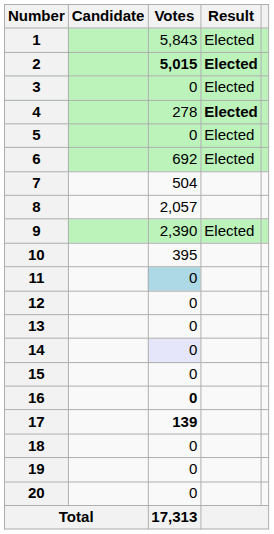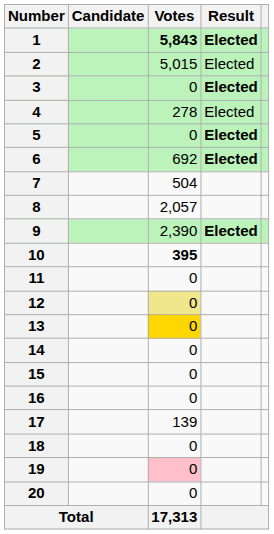 <table class="wikitable sortable">
 <tr>
 <th scope="col">Number</th>
 <th scope="col">Candidate</th>
 <th scope="col">Votes</th>
 <th scope="col">Result</th>
 <th scope="col" class="unsortable"></th>
 </tr>
 <tr bgcolor=bbf3bb>
 <th scope="row">1</th>
 <td></td>
-<td align="right">5,843</td>
-<td>Elected</td>
+<td align="right"><strong>5,843</strong></td>
+<td><strong>Elected</strong></td>
 <td></td>
 </tr>
 <tr bgcolor=bbf3bb>
 <th scope="row">2</th>
 <td></td>
-<td align="right"><strong>5,015</strong></td>
-<td><strong>Elected</strong></td>
+<td align="right">5,015</td>
+<td>Elected</td>
 <td></td>
 </tr>
 <tr bgcolor=bbf3bb>
 <th scope="row">3</th>
 <td></td>
 <td align="right">0</td>
-<td>Elected</td>
+<td><strong>Elected</strong></td>
 <td></td>
 </tr>
 <tr bgcolor=bbf3bb>
 <th scope="row">4</th>
 <td></td>
 <td align="right">278</td>
-<td><strong>Elected</strong></td>
+<td>Elected</td>
 <td></td>
 </tr>
 <tr bgcolor=bbf3bb>
 <th scope="row">5</th>
 <td></td>
 <td align="right">0</td>
-<td>Elected</td>
+<td><strong>Elected</strong></td>
 <td></td>
 </tr>
 <tr bgcolor=bbf3bb>
 <th scope="row">6</th>
 <td></td>
 <td align="right">692</td>
-<td>Elected</td>
+<td><strong>Elected</strong></td>
 <td></td>
 </tr>
 <tr>
 <th scope="row">7</th>
 <td></td>
 <td align="right">504</td>
 <td></td>
 <td></td>
 </tr>
 <tr>
 <th scope="row">8</th>
 <td></td>
 <td align="right">2,057</td>
 <td></td>
 <td></td>
 </tr>
 <tr bgcolor=bbf3bb>
 <th scope="row">9</th>
 <td></td>
 <td align="right">2,390</td>
-<td>Elected</td>
+<td><strong>Elected</strong></td>
 <td></td>
 </tr>
 <tr>
 <th scope="row">10</th>
 <td></td>
-<td align="right">395</td>
+<td align="right"><strong>395</strong></td>
 <td></td>
 <td></td>
 </tr>
 <tr>
 <th scope="row">11</th>
 <td></td>
-<td align="right" style="background: lightblue;">0</td>
+<td align="right">0</td>
 <td></td>
 <td></td>
 </tr>
 <tr>
 <th scope="row">12</th>
 <td></td>
-<td align="right">0</td>
+<td align="right" style="background: khaki;">0</td>
 <td></td>
 <td></td>
 </tr>
 <tr>
 <th scope="row">13</th>
 <td></td>
-<td align="right">0</td>
+<td align="right" style="background: gold;">0</td>
 <td></td>
 <td></td>
 </tr>
 <tr>
 <th scope="row">14</th>
 <td></td>
-<td align="right" style="background: lavender;">0</td>
+<td align="right">0</td>
 <td></td>
 <td></td>
 </tr>
 <tr>
 <th scope="row">15</th>
 <td></td>
 <td align="right">0</td>
 <td></td>
 <td></td>
 </tr>
 <tr>
 <th scope="row">16</th>
 <td></td>
-<td align="right"><strong>0</strong></td>
+<td align="right">0</td>
 <td></td>
 <td></td>
 </tr>
 <tr>
 <th scope="row">17</th>
 <td></td>
-<td align="right"><strong>139</strong></td>
+<td align="right">139</td>
 <td></td>
 <td></td>
 </tr>
 <tr>
 <th scope="row">18</th>
 <td></td>
 <td align="right">0</td>
 <td></td>
 <td></td>
 </tr>
 <tr>
 <th scope="row">19</th>
 <td></td>
-<td align="right">0</td>
+<td align="right" style="background: pink;">0</td>
 <td></td>
 <td></td>
 </tr>
 <tr>
 <th scope="row">20</th>
 <td></td>
 <td align="right">0</td>
 <td></td>
 <td></td>
 </tr>
 <tr class=sortbottom>
 <th scope="row" colspan="2">Total</th>
 <th style="text-align:right">17,313</th>
 <th colspan="2"></th>
 </tr>
 </table>
